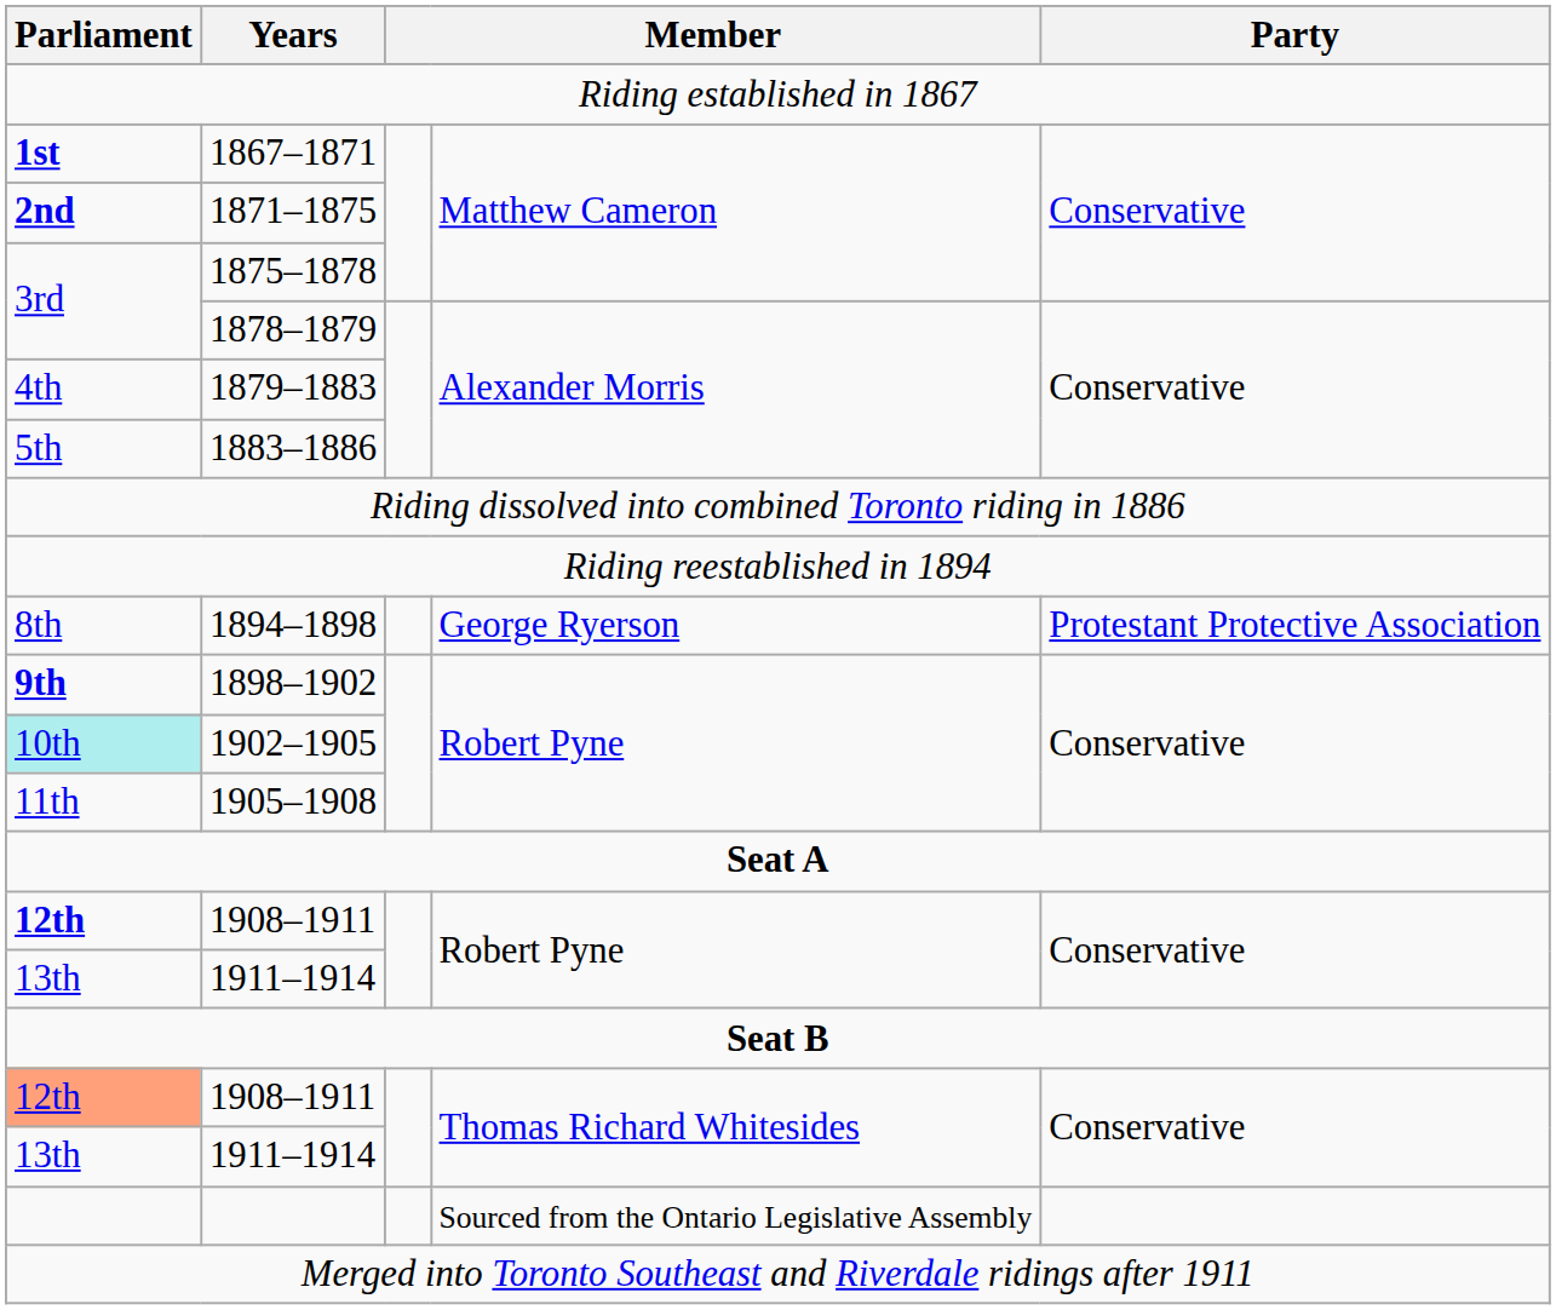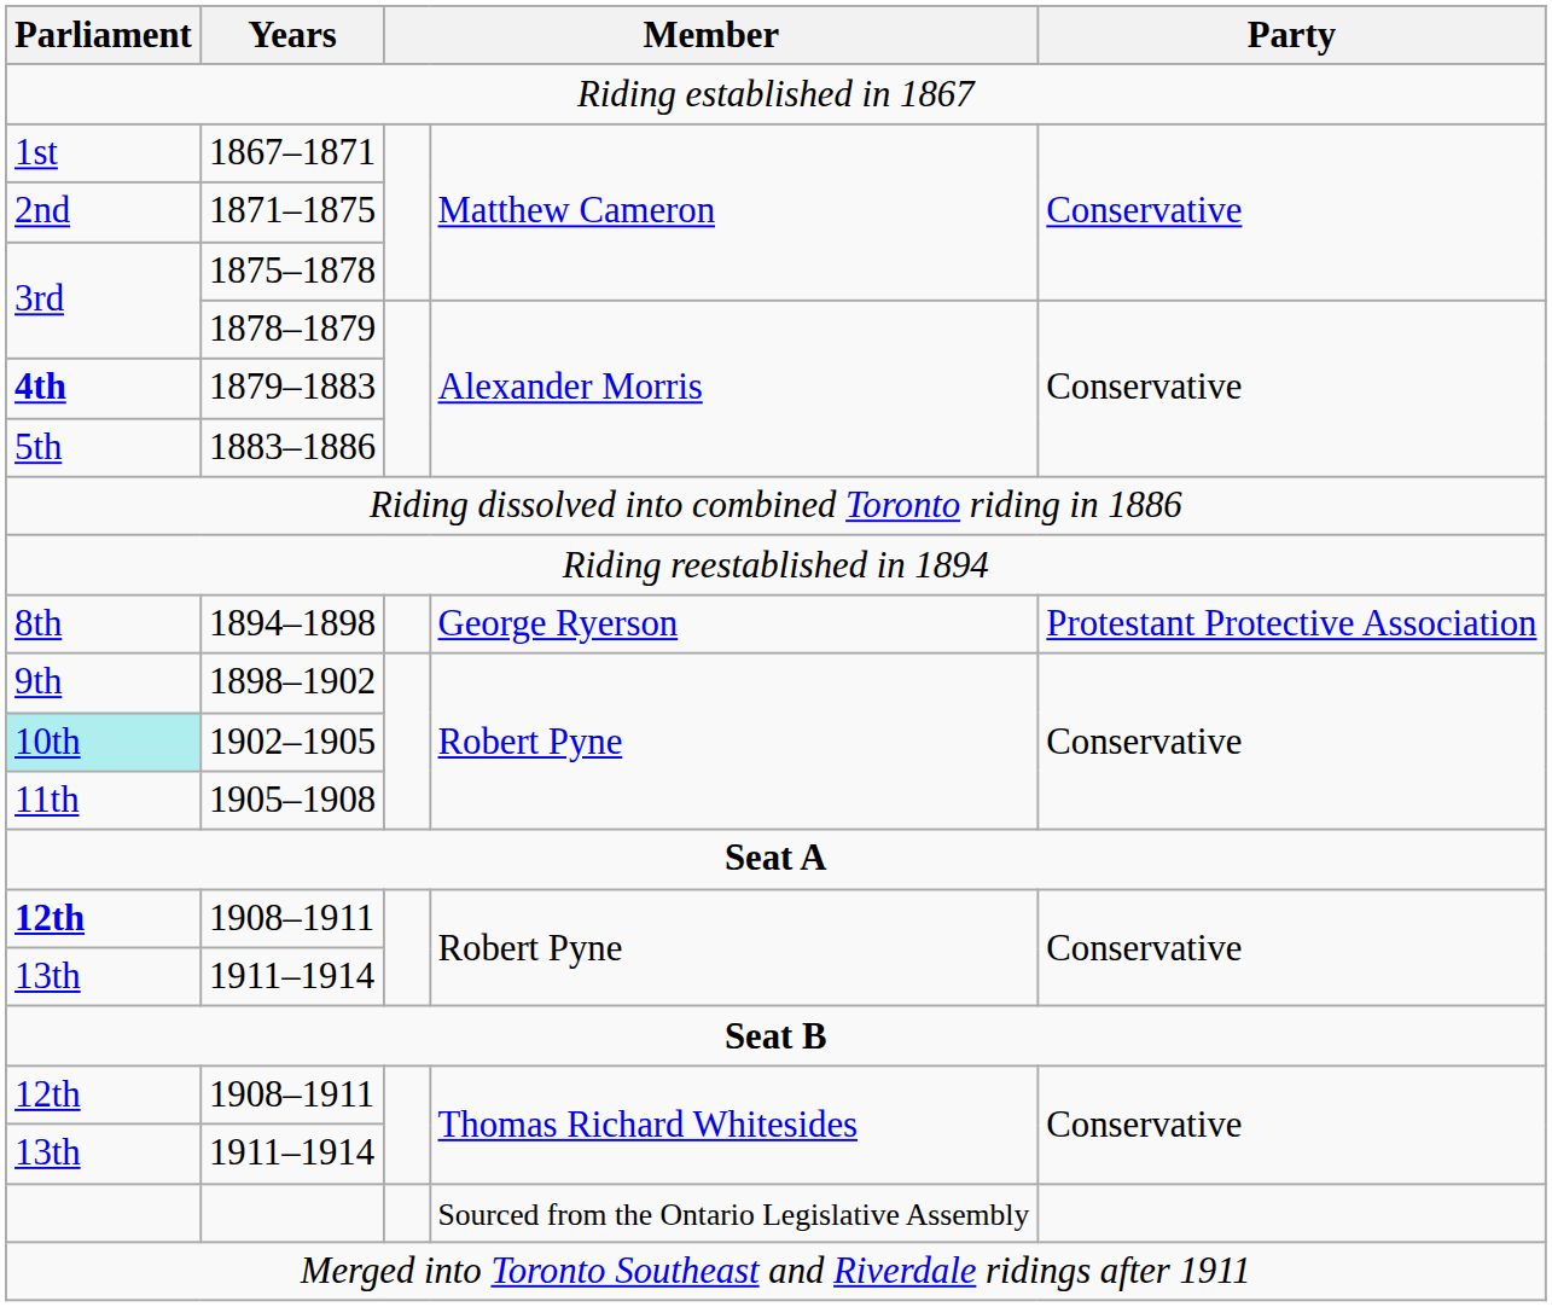 <table class="wikitable">
 <tr>
 <th>Parliament</th>
 <th>Years</th>
 <th colspan="2">Member</th>
 <th>Party</th>
 </tr>
 <tr>
 <td colspan="5" align="center"><em>Riding established in 1867</em></td>
 </tr>
 <tr>
-<td><strong><a href='#'>1st</a></strong></td>
+<td><a href='#'>1st</a></td>
 <td>1867–1871</td>
 <td rowspan="3" >   </td>
 <td rowspan="3"><a href='#'>Matthew Cameron</a></td>
 <td rowspan="3"><a href='#'>Conservative</a></td>
 </tr>
 <tr>
-<td><strong><a href='#'>2nd</a></strong></td>
+<td><a href='#'>2nd</a></td>
 <td>1871–1875</td>
 </tr>
 <tr>
 <td rowspan="2"><a href='#'>3rd</a></td>
 <td>1875–1878</td>
 </tr>
 <tr>
 <td>1878–1879</td>
 <td rowspan="3" >   </td>
 <td rowspan="3"><a href='#'>Alexander Morris</a></td>
 <td rowspan="3">Conservative</td>
 </tr>
 <tr>
-<td><a href='#'>4th</a></td>
+<td><strong><a href='#'>4th</a></strong></td>
 <td>1879–1883</td>
 </tr>
 <tr>
 <td><a href='#'>5th</a></td>
 <td>1883–1886</td>
 </tr>
 <tr>
 <td colspan="5" align="center"><em>Riding dissolved into combined <a href='#'>Toronto</a> riding in 1886</em></td>
 </tr>
 <tr>
 <td colspan="5" align="center"><em>Riding reestablished in 1894</em></td>
 </tr>
 <tr>
 <td><a href='#'>8th</a></td>
 <td>1894–1898</td>
 <td rowspan="1" >   </td>
 <td rowspan="1"><a href='#'>George Ryerson</a></td>
 <td rowspan="1"><a href='#'>Protestant Protective Association</a></td>
 </tr>
 <tr>
-<td><strong><a href='#'>9th</a></strong></td>
+<td><a href='#'>9th</a></td>
 <td>1898–1902</td>
 <td rowspan="3" >   </td>
 <td rowspan="3"><a href='#'>Robert Pyne</a></td>
 <td rowspan="3">Conservative</td>
 </tr>
 <tr>
 <td style="background: paleturquoise;"><a href='#'>10th</a></td>
 <td>1902–1905</td>
 </tr>
 <tr>
 <td><a href='#'>11th</a></td>
 <td>1905–1908</td>
 </tr>
 <tr>
 <td colspan="5" align="center"><strong>Seat A</strong></td>
 </tr>
 <tr>
 <td><strong><a href='#'>12th</a></strong></td>
 <td>1908–1911</td>
 <td rowspan="2" >   </td>
 <td rowspan="2">Robert Pyne</td>
 <td rowspan="2">Conservative</td>
 </tr>
 <tr>
 <td><a href='#'>13th</a></td>
 <td>1911–1914</td>
 </tr>
 <tr>
 <td colspan="5" align="center"><strong>Seat B</strong></td>
 </tr>
 <tr>
-<td style="background: lightsalmon;"><a href='#'>12th</a></td>
+<td><a href='#'>12th</a></td>
 <td>1908–1911</td>
 <td rowspan="2" >   </td>
 <td rowspan="2"><a href='#'>Thomas Richard Whitesides</a></td>
 <td rowspan="2">Conservative</td>
 </tr>
 <tr>
 <td><a href='#'>13th</a></td>
 <td>1911–1914</td>
 </tr>
 <tr>
 <td></td>
 <td></td>
 <td></td>
 <td><small>Sourced from the Ontario Legislative Assembly</small></td>
 <td></td>
 </tr>
 <tr>
 <td colspan="5" align="center"><em>Merged into <a href='#'>Toronto Southeast</a> and <a href='#'>Riverdale</a> ridings after 1911</em></td>
 </tr>
 </table>
